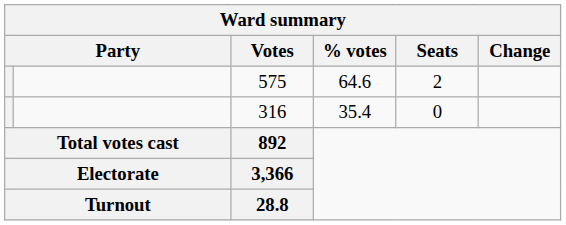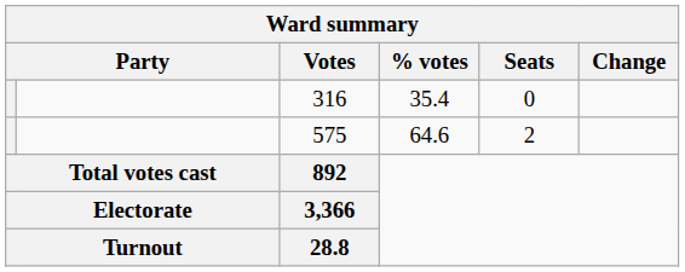 <table class="wikitable" style="font-size: 95%;">
 <tr style="background-color:#E9E9E9">
 <th colspan="6">Ward summary</th>
 </tr>
 <tr style="background-color:#E9E9E9">
 <th colspan="2">Party</th>
 <th style="width: 60px">Votes</th>
 <th style="width: 60px">% votes</th>
 <th style="width: 60px">Seats</th>
 <th style="width: 60px">Change</th>
 </tr>
 <tr>
 <th style="background-color: "></th>
 <td style="width: 170px"><a href='#'></a></td>
-<td align="center">575</td>
-<td align="center">64.6</td>
-<td align="center">2</td>
+<td align="center">316</td>
+<td align="center">35.4</td>
+<td align="center">0</td>
 <td align="center"></td>
 </tr>
 <tr>
 <th style="background-color: "></th>
 <td style="width: 170px"><a href='#'></a></td>
-<td align="center">316</td>
-<td align="center">35.4</td>
-<td align="center">0</td>
+<td align="center">575</td>
+<td align="center">64.6</td>
+<td align="center">2</td>
 <td align="center"></td>
 </tr>
 <tr style="background-color:#E9E9E9">
 <th colspan="2">Total votes cast</th>
 <th style="width: 60px">892</th>
 </tr>
 <tr style="background-color:#E9E9E9">
 <th colspan="2">Electorate</th>
 <th style="width: 60px">3,366</th>
 </tr>
 <tr style="background-color:#E9E9E9">
 <th colspan="2">Turnout</th>
 <th style="width: 60px">28.8</th>
 </tr>
 </table>
